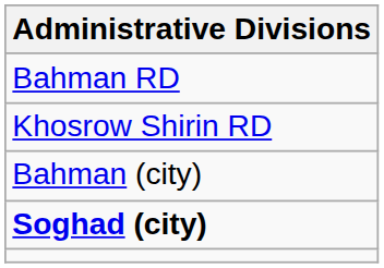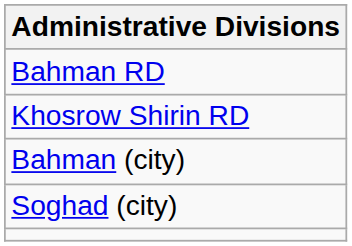 <table class="wikitable">
 <tr>
 <th>Administrative Divisions</th>
 </tr>
 <tr>
 <td><a href='#'>Bahman RD</a></td>
 </tr>
 <tr>
 <td><a href='#'>Khosrow Shirin RD</a></td>
 </tr>
 <tr>
 <td><a href='#'>Bahman</a> (city)</td>
 </tr>
 <tr>
-<td><strong><a href='#'>Soghad</a> (city)</strong></td>
+<td><a href='#'>Soghad</a> (city)</td>
 </tr>
 <tr>
 <td colspan=1></td>
 </tr>
 </table>
